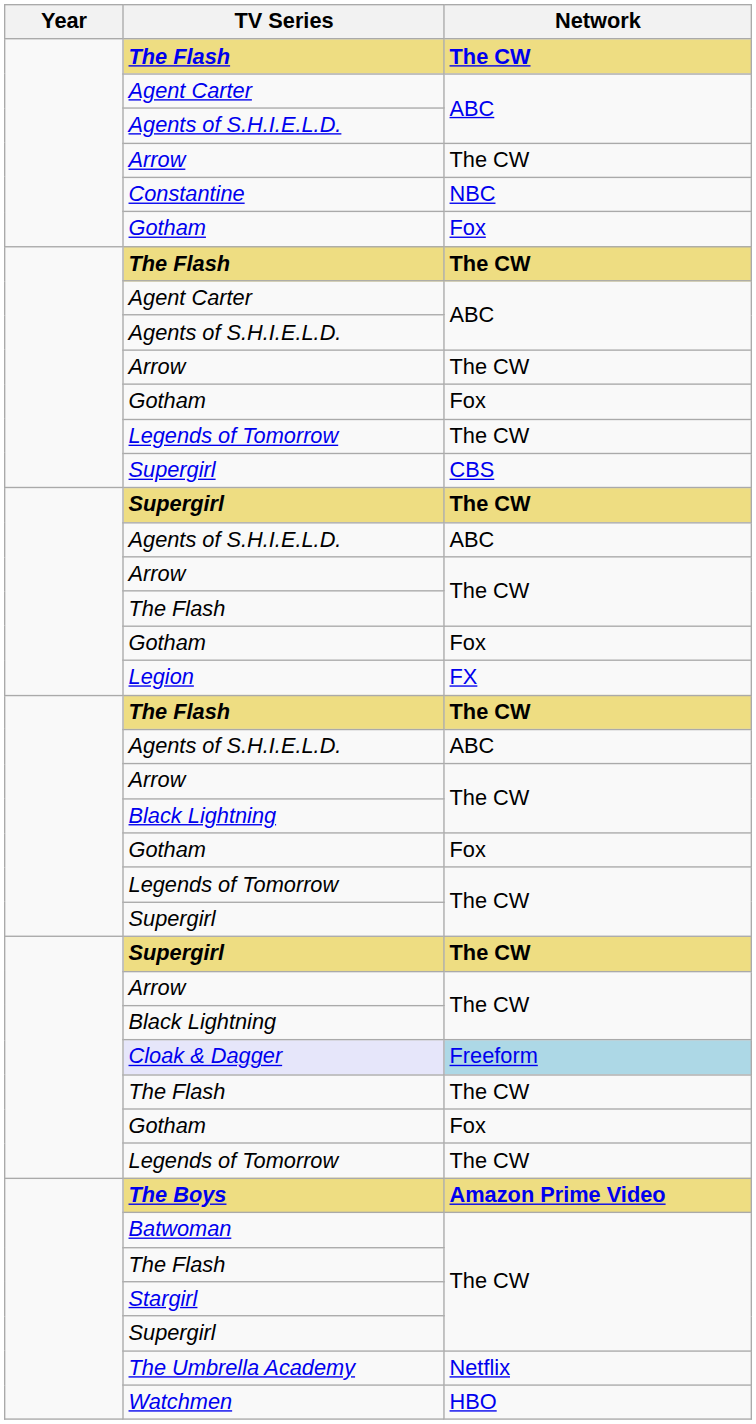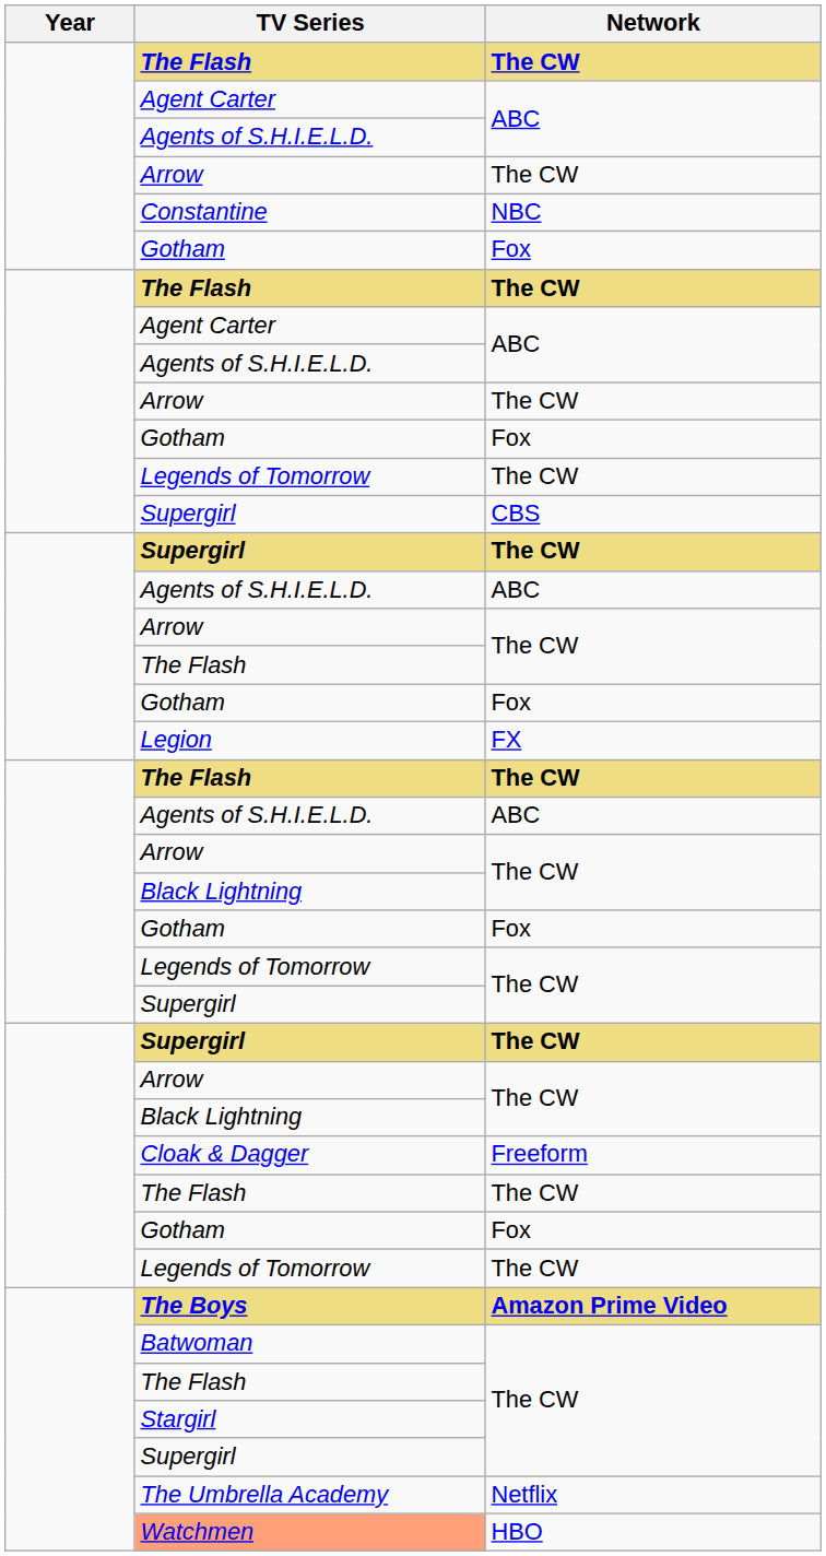 <table class="wikitable" width="550px">
 <tr>
 <th width="80px">Year</th>
 <th>TV Series</th>
 <th>Network</th>
 </tr>
 <tr>
 <td rowspan="6"></td>
 <td style="background:#EEDD82"><strong><em><a href='#'>The Flash</a></em></strong></td>
 <td style="background:#EEDD82"><strong><a href='#'>The CW</a></strong></td>
 </tr>
 <tr>
 <td><em><a href='#'>Agent Carter</a></em></td>
 <td rowspan="2"><a href='#'>ABC</a></td>
 </tr>
 <tr>
 <td><em><a href='#'>Agents of S.H.I.E.L.D.</a></em></td>
 </tr>
 <tr>
 <td><em><a href='#'>Arrow</a></em></td>
 <td>The CW</td>
 </tr>
 <tr>
 <td><em><a href='#'>Constantine</a></em></td>
 <td><a href='#'>NBC</a></td>
 </tr>
 <tr>
 <td><em><a href='#'>Gotham</a></em></td>
 <td><a href='#'>Fox</a></td>
 </tr>
 <tr>
 <td rowspan="7"></td>
 <td style="background:#EEDD82"><strong><em>The Flash</em></strong></td>
 <td style="background:#EEDD82"><strong>The CW</strong></td>
 </tr>
 <tr>
 <td><em>Agent Carter</em></td>
 <td rowspan="2">ABC</td>
 </tr>
 <tr>
 <td><em>Agents of S.H.I.E.L.D.</em></td>
 </tr>
 <tr>
 <td><em>Arrow</em></td>
 <td>The CW</td>
 </tr>
 <tr>
 <td><em>Gotham</em></td>
 <td>Fox</td>
 </tr>
 <tr>
 <td><em><a href='#'>Legends of Tomorrow</a></em></td>
 <td>The CW</td>
 </tr>
 <tr>
 <td><em><a href='#'>Supergirl</a></em></td>
 <td><a href='#'>CBS</a></td>
 </tr>
 <tr>
 <td rowspan="6"></td>
 <td style="background:#EEDD82"><strong><em>Supergirl</em></strong></td>
 <td style="background:#EEDD82"><strong>The CW</strong></td>
 </tr>
 <tr>
 <td><em>Agents of S.H.I.E.L.D.</em></td>
 <td>ABC</td>
 </tr>
 <tr>
 <td><em>Arrow</em></td>
 <td rowspan="2">The CW</td>
 </tr>
 <tr>
 <td><em>The Flash</em></td>
 </tr>
 <tr>
 <td><em>Gotham</em></td>
 <td>Fox</td>
 </tr>
 <tr>
 <td><em><a href='#'>Legion</a></em></td>
 <td><a href='#'>FX</a></td>
 </tr>
 <tr>
 <td rowspan="7"></td>
 <td style="background:#EEDD82"><strong><em>The Flash</em></strong></td>
 <td style="background:#EEDD82"><strong>The CW</strong></td>
 </tr>
 <tr>
 <td><em>Agents of S.H.I.E.L.D.</em></td>
 <td>ABC</td>
 </tr>
 <tr>
 <td><em>Arrow</em></td>
 <td rowspan="2">The CW</td>
 </tr>
 <tr>
 <td><em><a href='#'>Black Lightning</a></em></td>
 </tr>
 <tr>
 <td><em>Gotham</em></td>
 <td>Fox</td>
 </tr>
 <tr>
 <td><em>Legends of Tomorrow</em></td>
 <td rowspan="2">The CW</td>
 </tr>
 <tr>
 <td><em>Supergirl</em></td>
 </tr>
 <tr>
 <td rowspan="7"></td>
 <td style="background:#EEDD82"><strong><em>Supergirl</em></strong></td>
 <td style="background:#EEDD82"><strong>The CW</strong></td>
 </tr>
 <tr>
 <td><em>Arrow</em></td>
 <td rowspan="2">The CW</td>
 </tr>
 <tr>
 <td><em>Black Lightning</em></td>
 </tr>
 <tr>
-<td style="background: lavender;"><em><a href='#'>Cloak & Dagger</a></em></td>
-<td style="background: lightblue;"><a href='#'>Freeform</a></td>
+<td><em><a href='#'>Cloak & Dagger</a></em></td>
+<td><a href='#'>Freeform</a></td>
 </tr>
 <tr>
 <td><em>The Flash</em></td>
 <td>The CW</td>
 </tr>
 <tr>
 <td><em>Gotham</em></td>
 <td>Fox</td>
 </tr>
 <tr>
 <td><em>Legends of Tomorrow</em></td>
 <td>The CW</td>
 </tr>
 <tr>
 <td rowspan="7"></td>
 <td style="background:#EEDD82"><strong><em><a href='#'>The Boys</a></em></strong></td>
 <td style="background:#EEDD82"><strong><a href='#'>Amazon Prime Video</a></strong></td>
 </tr>
 <tr>
 <td><em><a href='#'>Batwoman</a></em></td>
 <td rowspan="4">The CW</td>
 </tr>
 <tr>
 <td><em>The Flash</em></td>
 </tr>
 <tr>
 <td><em><a href='#'>Stargirl</a></em></td>
 </tr>
 <tr>
 <td><em>Supergirl</em></td>
 </tr>
 <tr>
 <td><em><a href='#'>The Umbrella Academy</a></em></td>
 <td><a href='#'>Netflix</a></td>
 </tr>
 <tr>
-<td><em><a href='#'>Watchmen</a></em></td>
+<td style="background: lightsalmon;"><em><a href='#'>Watchmen</a></em></td>
 <td><a href='#'>HBO</a></td>
 </tr>
 </table>
